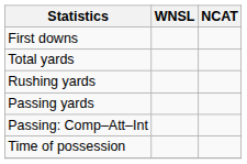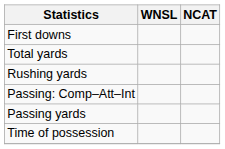 <table class="wikitable" style="float: left;">
 <tr>
 <th>Statistics</th>
 <th>WNSL</th>
 <th>NCAT</th>
 </tr>
 <tr>
 <td>First downs</td>
 <td></td>
 <td></td>
 </tr>
 <tr>
 <td>Total yards</td>
 <td></td>
 <td></td>
 </tr>
 <tr>
 <td>Rushing yards</td>
 <td></td>
 <td></td>
 </tr>
 <tr>
-<td>Passing yards</td>
+<td>Passing: Comp–Att–Int</td>
 <td></td>
 <td></td>
 </tr>
 <tr>
-<td>Passing: Comp–Att–Int</td>
+<td>Passing yards</td>
 <td></td>
 <td></td>
 </tr>
 <tr>
 <td>Time of possession</td>
 <td></td>
 <td></td>
 </tr>
 <tr>
 </tr>
 </table>
